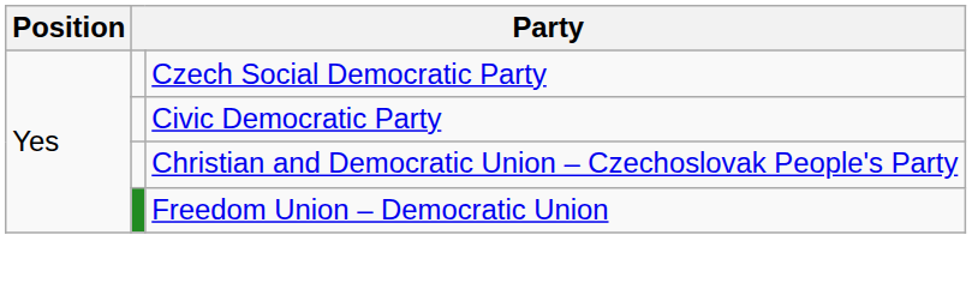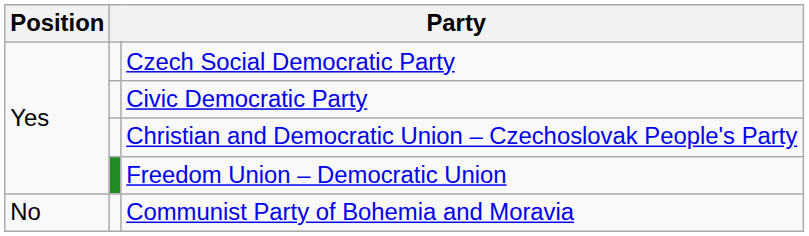 <table class="wikitable">
 <tr>
 <th>Position</th>
 <th colspan=2>Party</th>
 </tr>
 <tr>
 <td rowspan="4">Yes</td>
 <td style="background-color: "></td>
 <td><a href='#'>Czech Social Democratic Party</a></td>
 </tr>
 <tr>
 <td style="background-color: "></td>
 <td><a href='#'>Civic Democratic Party</a></td>
 </tr>
 <tr>
 <td style="background-color: "></td>
 <td><a href='#'>Christian and Democratic Union – Czechoslovak People's Party</a></td>
 </tr>
 <tr>
 <td style="background-color: #228b22"></td>
 <td><a href='#'>Freedom Union – Democratic Union</a></td>
 </tr>
+<tr>
+<td rowspan="1">No</td>
+<td style="background-color: "></td>
+<td><a href='#'>Communist Party of Bohemia and Moravia</a></td>
+</tr>
 </table>
